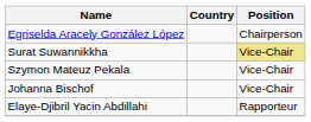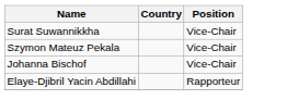 <table class="wikitable" style="display: inline-table;">
 <tr>
 <th>Name</th>
 <th>Country</th>
 <th>Position</th>
 </tr>
 <tr>
-<td><a href='#'>Egriselda Aracely González López</a></td>
-<td></td>
-<td>Chairperson</td>
-</tr>
-<tr>
 <td>Surat Suwannikkha</td>
 <td></td>
-<td style="background: khaki;">Vice-Chair</td>
+<td>Vice-Chair</td>
 </tr>
 <tr>
 <td>Szymon Mateuz Pekala</td>
 <td></td>
 <td>Vice-Chair</td>
 </tr>
 <tr>
 <td>Johanna Bischof</td>
 <td></td>
 <td>Vice-Chair</td>
 </tr>
 <tr>
 <td>Elaye-Djibril Yacin Abdillahi</td>
 <td></td>
 <td>Rapporteur</td>
 </tr>
 <tr>
 </tr>
 </table>
